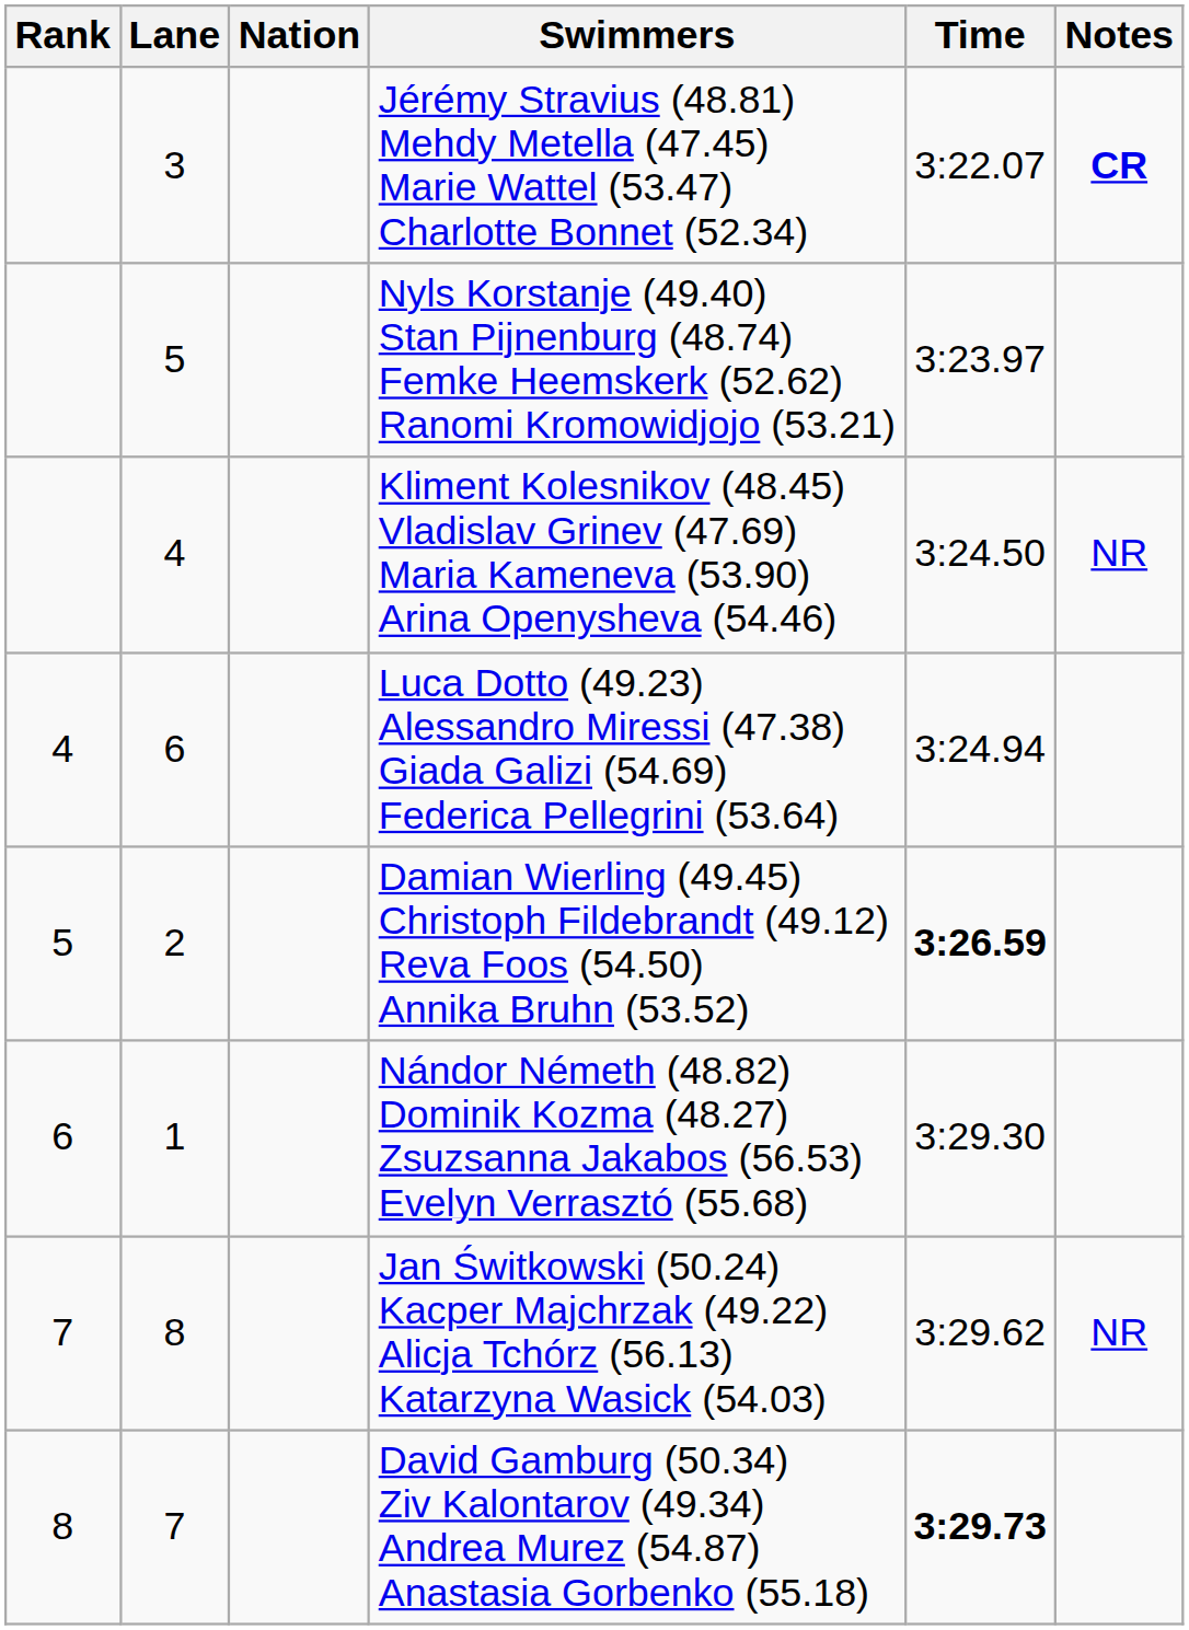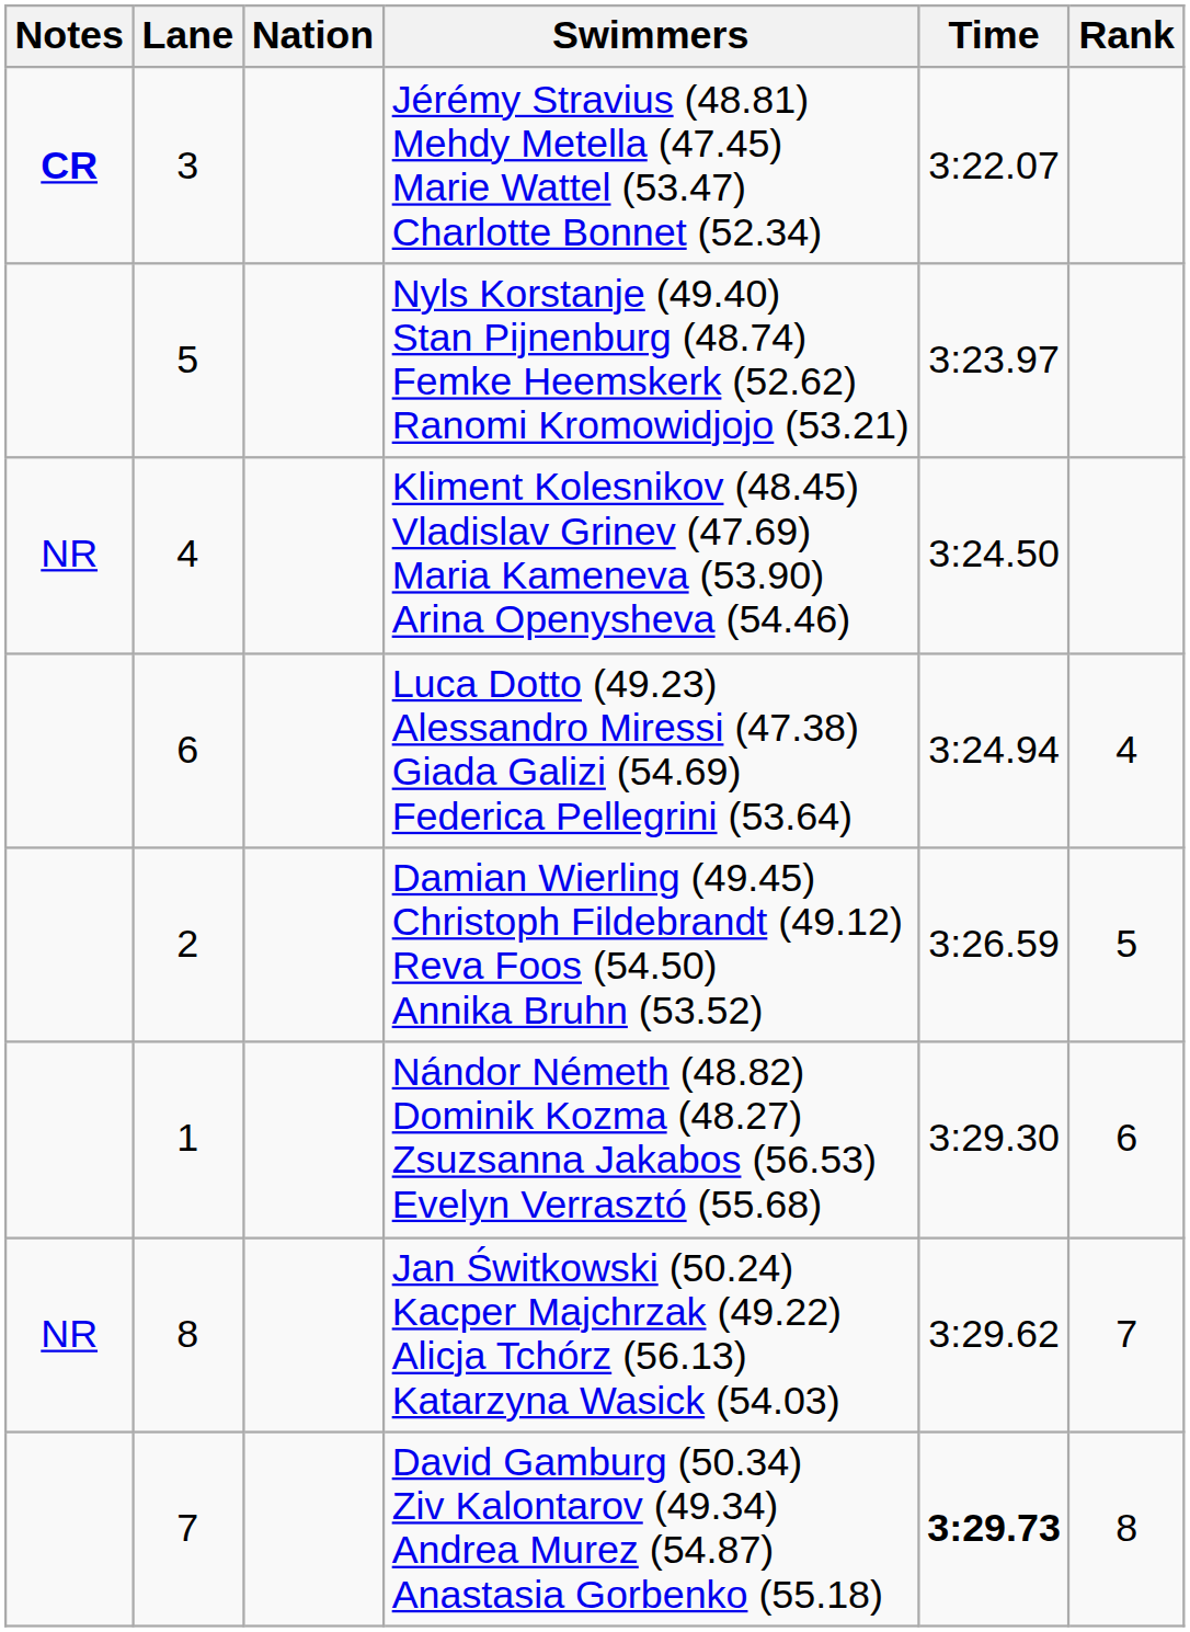 <table class="wikitable sortable" style="text-align:center">
 <tr>
-<th>Rank</th>
+<th>Notes</th>
 <th>Lane</th>
 <th>Nation</th>
 <th>Swimmers</th>
 <th>Time</th>
-<th>Notes</th>
+<th>Rank</th>
 </tr>
 <tr>
-<td></td>
+<td><strong><a href='#'>CR</a></strong></td>
 <td>3</td>
 <td align=left></td>
 <td align=left><a href='#'>Jérémy Stravius</a> (48.81)<br><a href='#'>Mehdy Metella</a> (47.45)<br><a href='#'>Marie Wattel</a> (53.47)<br><a href='#'>Charlotte Bonnet</a> (52.34)</td>
 <td>3:22.07</td>
-<td><strong><a href='#'>CR</a></strong></td>
+<td></td>
 </tr>
 <tr>
 <td></td>
 <td>5</td>
 <td align=left></td>
 <td align=left><a href='#'>Nyls Korstanje</a> (49.40)<br><a href='#'>Stan Pijnenburg</a> (48.74)<br><a href='#'>Femke Heemskerk</a> (52.62)<br><a href='#'>Ranomi Kromowidjojo</a> (53.21)</td>
 <td>3:23.97</td>
 <td></td>
 </tr>
 <tr>
-<td></td>
+<td><a href='#'>NR</a></td>
 <td>4</td>
 <td align=left></td>
 <td align=left><a href='#'>Kliment Kolesnikov</a> (48.45)<br><a href='#'>Vladislav Grinev</a> (47.69)<br><a href='#'>Maria Kameneva</a> (53.90)<br><a href='#'>Arina Openysheva</a> (54.46)</td>
 <td>3:24.50</td>
-<td><a href='#'>NR</a></td>
+<td></td>
 </tr>
 <tr>
-<td>4</td>
+<td></td>
 <td>6</td>
 <td align=left></td>
 <td align=left><a href='#'>Luca Dotto</a> (49.23)<br><a href='#'>Alessandro Miressi</a> (47.38)<br><a href='#'>Giada Galizi</a> (54.69)<br><a href='#'>Federica Pellegrini</a> (53.64)</td>
 <td>3:24.94</td>
-<td></td>
+<td>4</td>
 </tr>
 <tr>
-<td>5</td>
+<td></td>
 <td>2</td>
 <td align=left></td>
 <td align=left><a href='#'>Damian Wierling</a> (49.45)<br><a href='#'>Christoph Fildebrandt</a> (49.12)<br><a href='#'>Reva Foos</a> (54.50)<br><a href='#'>Annika Bruhn</a> (53.52)</td>
-<td><strong>3:26.59</strong></td>
-<td></td>
+<td>3:26.59</td>
+<td>5</td>
 </tr>
 <tr>
-<td>6</td>
+<td></td>
 <td>1</td>
 <td align=left></td>
 <td align=left><a href='#'>Nándor Németh</a> (48.82)<br><a href='#'>Dominik Kozma</a> (48.27)<br><a href='#'>Zsuzsanna Jakabos</a> (56.53)<br><a href='#'>Evelyn Verrasztó</a> (55.68)</td>
 <td>3:29.30</td>
-<td></td>
+<td>6</td>
 </tr>
 <tr>
-<td>7</td>
+<td><a href='#'>NR</a></td>
 <td>8</td>
 <td align=left></td>
 <td align=left><a href='#'>Jan Świtkowski</a> (50.24)<br><a href='#'>Kacper Majchrzak</a> (49.22)<br><a href='#'>Alicja Tchórz</a> (56.13)<br><a href='#'>Katarzyna Wasick</a> (54.03)</td>
 <td>3:29.62</td>
-<td><a href='#'>NR</a></td>
+<td>7</td>
 </tr>
 <tr>
-<td>8</td>
+<td></td>
 <td>7</td>
 <td align=left></td>
 <td align=left><a href='#'>David Gamburg</a> (50.34)<br><a href='#'>Ziv Kalontarov</a> (49.34)<br><a href='#'>Andrea Murez</a> (54.87)<br><a href='#'>Anastasia Gorbenko</a> (55.18)</td>
 <td><strong>3:29.73</strong></td>
-<td></td>
+<td>8</td>
 </tr>
 </table>
